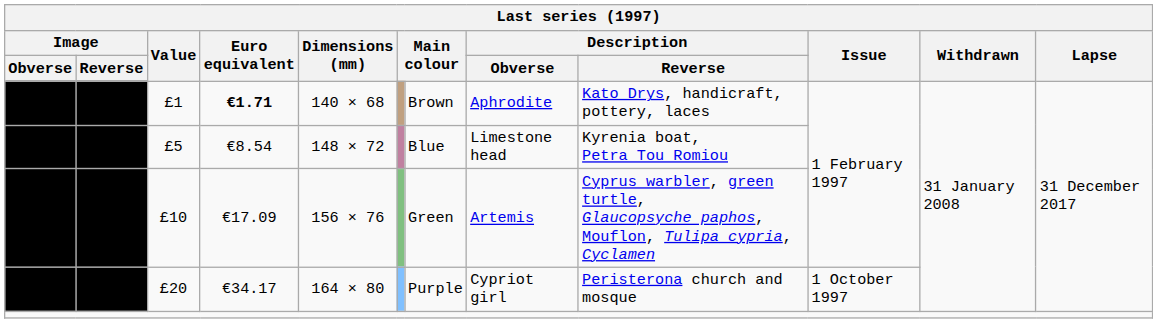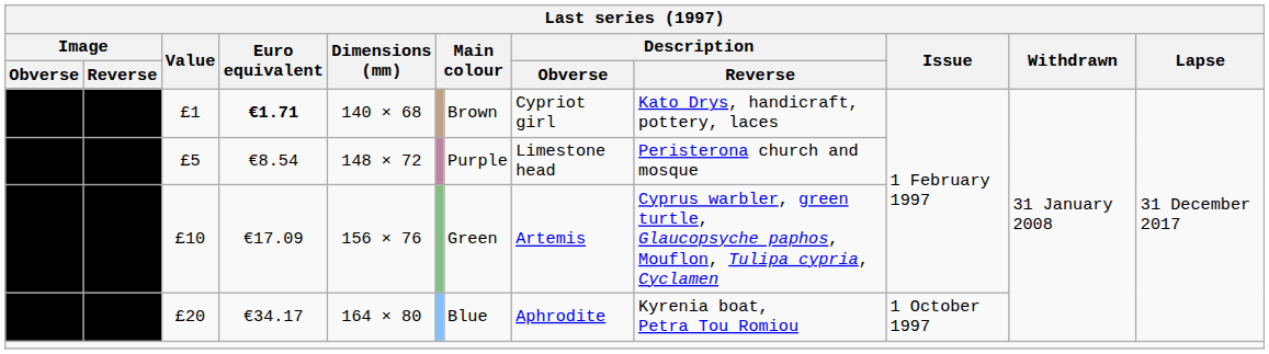 <table class="wikitable" style="margin:auto; font-size:90%; border-width:1px;">
 <tr>
 <th colspan=13>Last series (1997)</th>
 </tr>
 <tr>
 <th colspan=2>Image</th>
 <th rowspan=2>Value</th>
 <th rowspan=2>Euro<br>equivalent</th>
 <th rowspan=2>Dimensions<br>(mm)</th>
 <th rowspan=2 colspan=2>Main<br>colour</th>
 <th colspan=2>Description</th>
 <th rowspan=2>Issue</th>
 <th rowspan=2>Withdrawn</th>
 <th rowspan=2>Lapse</th>
 </tr>
 <tr>
 <th>Obverse</th>
 <th>Reverse</th>
 <th>Obverse</th>
 <th>Reverse</th>
 </tr>
 <tr>
 <td style="background:#000; text-align:center;"></td>
 <td style="background:#000; text-align:center;"></td>
 <td align="center">£1</td>
 <td align="center"><strong>€1.71</strong></td>
 <td align="center">140 × 68</td>
 <td style="background:#C0A080;"></td>
 <td>Brown</td>
-<td><a href='#'>Aphrodite</a></td>
+<td>Cypriot girl</td>
 <td><a href='#'>Kato Drys</a>, handicraft, pottery, laces</td>
 <td rowspan=3>1 February 1997</td>
 <td rowspan=4>31 January 2008</td>
 <td rowspan=4>31 December 2017</td>
 </tr>
 <tr space.>
 <td style="background:#000; text-align:center;"></td>
 <td style="background:#000; text-align:center;"></td>
 <td align="center">£5</td>
 <td align="center">€8.54</td>
 <td align="center">148 × 72</td>
 <td style="background:#C080A0;"></td>
-<td>Blue</td>
+<td>Purple</td>
 <td>Limestone head</td>
-<td>Kyrenia boat,<br><a href='#'>Petra Tou Romiou</a></td>
+<td><a href='#'>Peristerona</a> church and mosque</td>
 </tr>
 <tr>
 <td style="background:#000; text-align:center;"></td>
 <td style="background:#000; text-align:center;"></td>
 <td align="center">£10</td>
 <td align="center">€17.09</td>
 <td align="center">156 × 76</td>
 <td style="background:#80C080;"></td>
 <td>Green</td>
 <td><a href='#'>Artemis</a></td>
 <td><a href='#'>Cyprus warbler</a>, <a href='#'>green turtle</a>,<br><em><a href='#'>Glaucopsyche paphos</a></em>,<br><a href='#'>Mouflon</a>, <em><a href='#'>Tulipa cypria</a></em>, <em><a href='#'>Cyclamen</a></em></td>
 </tr>
 <tr>
 <td style="background:#000; text-align:center;"></td>
 <td style="background:#000; text-align:center;"></td>
 <td align="center">£20</td>
 <td align="center">€34.17</td>
 <td align="center">164 × 80</td>
 <td style="background:#80C0FF;"></td>
-<td>Purple</td>
-<td>Cypriot girl</td>
-<td><a href='#'>Peristerona</a> church and mosque</td>
+<td>Blue</td>
+<td><a href='#'>Aphrodite</a></td>
+<td>Kyrenia boat,<br><a href='#'>Petra Tou Romiou</a></td>
 <td>1 October 1997</td>
 </tr>
 <tr>
 <td colspan=13></td>
 </tr>
 </table>
